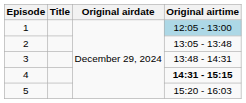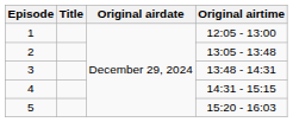 <table class="wikitable" style="text-align: center;">
 <tr>
 <th>Episode</th>
 <th>Title</th>
 <th>Original airdate</th>
 <th>Original airtime</th>
 </tr>
 <tr>
 <td>1</td>
 <td></td>
 <td rowspan="5">December 29, 2024</td>
-<td style="background: lightblue;">12:05 - 13:00</td>
+<td>12:05 - 13:00</td>
 </tr>
 <tr>
 <td>2</td>
 <td></td>
 <td>13:05 - 13:48</td>
 </tr>
 <tr>
 <td>3</td>
 <td></td>
 <td>13:48 - 14:31</td>
 </tr>
 <tr>
 <td>4</td>
 <td></td>
-<td><strong>14:31 - 15:15</strong></td>
+<td>14:31 - 15:15</td>
 </tr>
 <tr>
 <td>5</td>
 <td></td>
 <td>15:20 - 16:03</td>
 </tr>
 </table>
